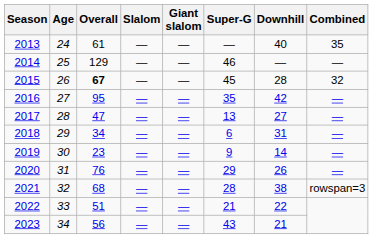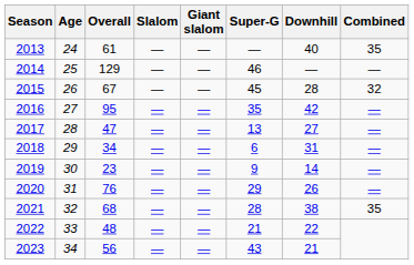 <table class=wikitable style="text-align:center">
 <tr>
 <th>Season</th>
 <th>Age</th>
 <th>Overall</th>
 <th>Slalom</th>
 <th>Giant<br>slalom</th>
 <th>Super-G</th>
 <th>Downhill</th>
 <th>Combined</th>
 </tr>
 <tr>
 <td><a href='#'>2013</a></td>
 <td><em>24</em></td>
 <td>61</td>
 <td>—</td>
 <td>—</td>
 <td>—</td>
 <td>40</td>
 <td>35</td>
 </tr>
 <tr>
 <td><a href='#'>2014</a></td>
 <td><em>25</em></td>
 <td>129</td>
 <td>—</td>
 <td>—</td>
 <td>46</td>
 <td>—</td>
 <td>—</td>
 </tr>
 <tr>
 <td><a href='#'>2015</a></td>
 <td><em>26</em></td>
-<td><strong>67</strong></td>
+<td>67</td>
 <td>—</td>
 <td>—</td>
 <td>45</td>
 <td>28</td>
 <td>32</td>
 </tr>
 <tr>
 <td><a href='#'>2016</a></td>
 <td><em>27</em></td>
 <td><a href='#'>95</a></td>
 <td><a href='#'>—</a></td>
 <td><a href='#'>—</a></td>
 <td><a href='#'>35</a></td>
 <td><a href='#'>42</a></td>
 <td><a href='#'>—</a></td>
 </tr>
 <tr>
 <td><a href='#'>2017</a></td>
 <td><em>28</em></td>
 <td><a href='#'>47</a></td>
 <td><a href='#'>—</a></td>
 <td><a href='#'>—</a></td>
 <td><a href='#'>13</a></td>
 <td><a href='#'>27</a></td>
 <td><a href='#'>—</a></td>
 </tr>
 <tr>
 <td><a href='#'>2018</a></td>
 <td><em>29</em></td>
 <td><a href='#'>34</a></td>
 <td><a href='#'>—</a></td>
 <td><a href='#'>—</a></td>
 <td><a href='#'>6</a></td>
 <td><a href='#'>31</a></td>
 <td><a href='#'>—</a></td>
 </tr>
 <tr>
 <td><a href='#'>2019</a></td>
 <td><em>30</em></td>
 <td><a href='#'>23</a></td>
 <td><a href='#'>—</a></td>
 <td><a href='#'>—</a></td>
 <td><a href='#'>9</a></td>
 <td><a href='#'>14</a></td>
 <td><a href='#'>—</a></td>
 </tr>
 <tr>
 <td><a href='#'>2020</a></td>
 <td><em>31</em></td>
 <td><a href='#'>76</a></td>
 <td><a href='#'>—</a></td>
 <td><a href='#'>—</a></td>
 <td><a href='#'>29</a></td>
 <td><a href='#'>26</a></td>
 <td><a href='#'>—</a></td>
 </tr>
 <tr>
 <td><a href='#'>2021</a></td>
 <td><em>32</em></td>
 <td><a href='#'>68</a></td>
 <td><a href='#'>—</a></td>
 <td><a href='#'>—</a></td>
 <td><a href='#'>28</a></td>
 <td><a href='#'>38</a></td>
-<td>rowspan=3 </td>
+<td>35</td>
 </tr>
 <tr>
 <td><a href='#'>2022</a></td>
 <td><em>33</em></td>
-<td><a href='#'>51</a></td>
+<td><a href='#'>48</a></td>
 <td><a href='#'>—</a></td>
 <td><a href='#'>—</a></td>
 <td><a href='#'>21</a></td>
 <td><a href='#'>22</a></td>
 </tr>
 <tr>
 <td><a href='#'>2023</a></td>
 <td><em>34</em></td>
 <td><a href='#'>56</a></td>
 <td><a href='#'>—</a></td>
 <td><a href='#'>—</a></td>
 <td><a href='#'>43</a></td>
 <td><a href='#'>21</a></td>
 </tr>
 </table>
